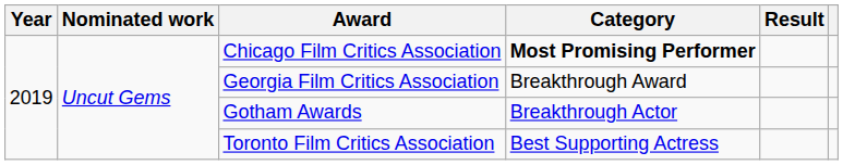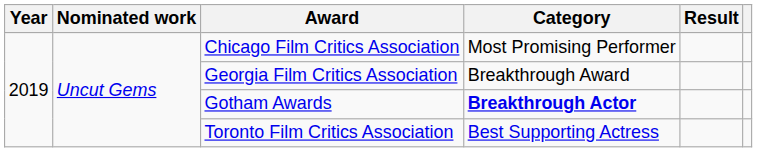 <table class="wikitable">
 <tr>
 <th>Year</th>
 <th>Nominated work</th>
 <th>Award</th>
 <th>Category</th>
 <th>Result</th>
 <th></th>
 </tr>
 <tr>
 <td rowspan=4 style="text-align:center;">2019</td>
 <td rowspan=4><em><a href='#'>Uncut Gems</a></em></td>
 <td><a href='#'>Chicago Film Critics Association</a></td>
-<td><strong>Most Promising Performer</strong></td>
+<td>Most Promising Performer</td>
 <td></td>
 <td style="text-align:center;"></td>
 </tr>
 <tr>
 <td><a href='#'>Georgia Film Critics Association</a></td>
 <td>Breakthrough Award</td>
 <td></td>
 <td style="text-align:center;"></td>
 </tr>
 <tr>
 <td><a href='#'>Gotham Awards</a></td>
-<td><a href='#'>Breakthrough Actor</a></td>
+<td><strong><a href='#'>Breakthrough Actor</a></strong></td>
 <td></td>
 <td style="text-align:center;"></td>
 </tr>
 <tr>
 <td><a href='#'>Toronto Film Critics Association</a></td>
 <td><a href='#'>Best Supporting Actress</a></td>
 <td></td>
 <td style="text-align:center;"></td>
 </tr>
 </table>
